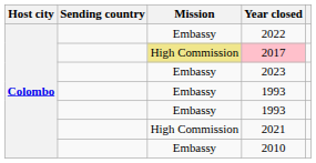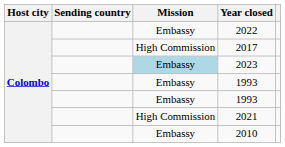 <table class="wikitable plainrowheaders">
 <tr>
 <th scope="col">Host city</th>
 <th scope="col">Sending country</th>
 <th scope="col">Mission</th>
 <th scope="col">Year closed</th>
 <th scope="col"></th>
 </tr>
 <tr>
 <th rowspan="7"><a href='#'>Colombo</a></th>
 <td></td>
 <td style="text-align:center;">Embassy</td>
 <td style="text-align:center;">2022</td>
 <td style="text-align:center;"></td>
 </tr>
 <tr>
 <td></td>
-<td style="background: khaki; text-align:center;">High Commission</td>
-<td style="background: pink; text-align:center;">2017</td>
+<td style="text-align:center;">High Commission</td>
+<td style="text-align:center;">2017</td>
 <td style="text-align:center;"></td>
 </tr>
 <tr>
 <td></td>
-<td style="text-align:center;">Embassy</td>
+<td style="background: lightblue; text-align:center;">Embassy</td>
 <td style="text-align:center;">2023</td>
 <td style="text-align:center;"></td>
 </tr>
 <tr>
 <td></td>
 <td style="text-align:center;">Embassy</td>
 <td style="text-align:center;">1993</td>
 <td style="text-align:center;"></td>
 </tr>
 <tr>
 <td></td>
 <td style="text-align:center;">Embassy</td>
 <td style="text-align:center;">1993</td>
 <td style="text-align:center;"></td>
 </tr>
 <tr>
 <td></td>
 <td style="text-align:center;">High Commission</td>
 <td style="text-align:center;">2021</td>
 <td style="text-align:center;"></td>
 </tr>
 <tr>
 <td></td>
 <td style="text-align:center;">Embassy</td>
 <td style="text-align:center;">2010</td>
 <td style="text-align:center;"></td>
 </tr>
 </table>
